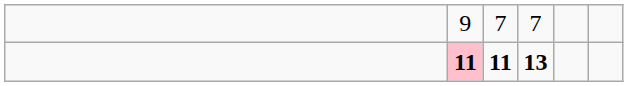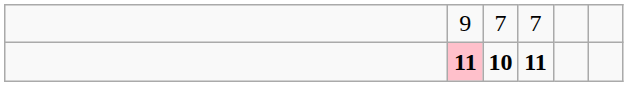 <table class="wikitable">
 <tr>
 <td style="width:18em"></td>
 <td align=center style="width:1em">9</td>
 <td align=center style="width:1em">7</td>
 <td align=center style="width:1em">7</td>
 <td align=center style="width:1em"></td>
 <td align=center style="width:1em"></td>
 </tr>
 <tr>
 <td style="width:18em"><strong></strong></td>
 <td align=center style="background: pink; width:1em"><strong>11</strong></td>
+<td align=center style="width:1em"><strong>10</strong></td>
 <td align=center style="width:1em"><strong>11</strong></td>
-<td align=center style="width:1em"><strong>13</strong></td>
 <td align=center style="width:1em"></td>
 <td align=center style="width:1em"></td>
 </tr>
 </table>
